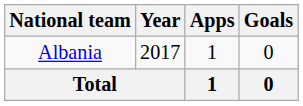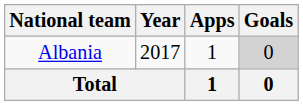 <table class="wikitable" style="text-align:center">
 <tr>
 <th>National team</th>
 <th>Year</th>
 <th>Apps</th>
 <th>Goals</th>
 </tr>
 <tr>
 <td rowspan="1"><a href='#'>Albania</a></td>
 <td>2017</td>
 <td>1</td>
-<td>0</td>
+<td style="background: lightgrey;">0</td>
 </tr>
 <tr>
 <th colspan="2">Total</th>
 <th>1</th>
 <th>0</th>
 </tr>
 </table>
